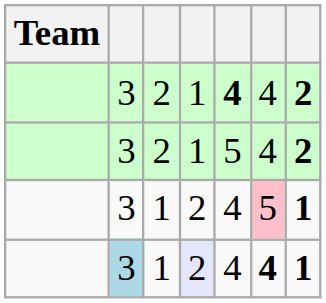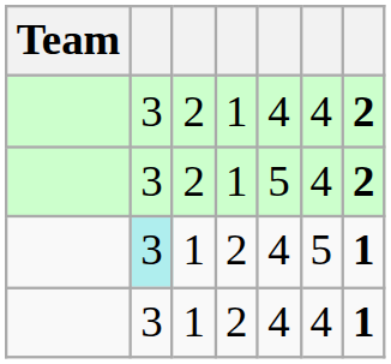 <table class=wikitable style="text-align:center">
 <tr>
 <th>Team</th>
 <th></th>
 <th></th>
 <th></th>
 <th></th>
 <th></th>
 <th></th>
 </tr>
 <tr bgcolor=ccffcc>
 <td style="text-align:left"></td>
 <td>3</td>
 <td>2</td>
 <td>1</td>
-<td><strong>4</strong></td>
+<td>4</td>
 <td>4</td>
 <td><strong>2</strong></td>
 </tr>
 <tr bgcolor=ccffcc>
 <td style="text-align:left"></td>
 <td>3</td>
 <td>2</td>
 <td>1</td>
 <td>5</td>
 <td>4</td>
 <td><strong>2</strong></td>
 </tr>
 <tr>
 <td style="text-align:left"></td>
+<td style="background: paleturquoise;">3</td>
+<td>1</td>
+<td>2</td>
+<td>4</td>
+<td>5</td>
+<td><strong>1</strong></td>
+</tr>
+<tr>
+<td style="text-align:left"></td>
 <td>3</td>
 <td>1</td>
 <td>2</td>
 <td>4</td>
-<td style="background: pink;">5</td>
-<td><strong>1</strong></td>
-</tr>
-<tr>
-<td style="text-align:left"></td>
-<td style="background: lightblue;">3</td>
-<td>1</td>
-<td style="background: lavender;">2</td>
 <td>4</td>
-<td><strong>4</strong></td>
 <td><strong>1</strong></td>
 </tr>
 </table>
